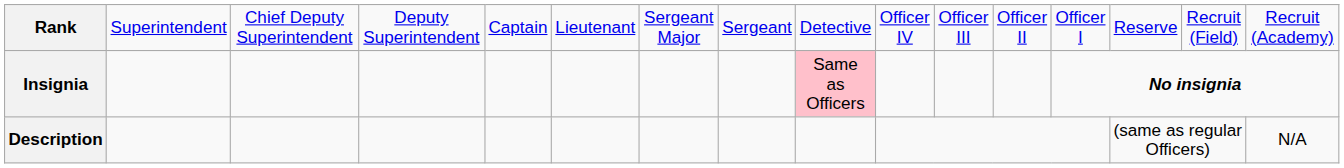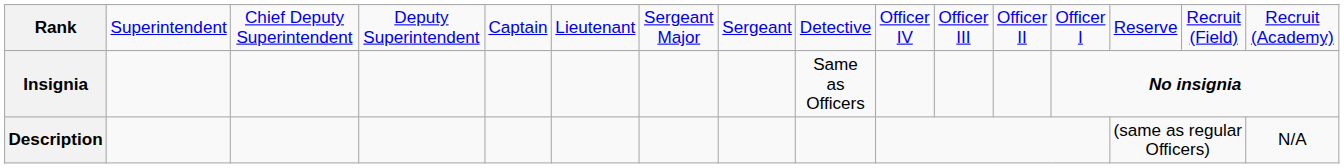 <table class="wikitable">
 <tr style="text-align:center;">
 <th>Rank</th>
 <td><a href='#'>Superintendent</a></td>
 <td><a href='#'>Chief Deputy Superintendent</a></td>
 <td><a href='#'>Deputy Superintendent</a></td>
 <td><a href='#'>Captain</a></td>
 <td><a href='#'>Lieutenant</a></td>
 <td><a href='#'>Sergeant Major</a></td>
 <td><a href='#'>Sergeant</a></td>
 <td><a href='#'>Detective</a></td>
 <td><a href='#'>Officer IV</a></td>
 <td><a href='#'>Officer III</a></td>
 <td><a href='#'>Officer II</a></td>
 <td><a href='#'>Officer I</a></td>
 <td><a href='#'>Reserve</a></td>
 <td><a href='#'>Recruit (Field)</a></td>
 <td><a href='#'>Recruit (Academy)</a></td>
 </tr>
 <tr style="text-align:center;">
 <th>Insignia</th>
 <td></td>
 <td></td>
 <td></td>
 <td></td>
 <td></td>
 <td></td>
 <td></td>
-<td style="background: pink;">Same<br>as Officers</td>
+<td>Same<br>as Officers</td>
 <td></td>
 <td></td>
 <td></td>
 <td colspan=4><strong><em>No insignia</em></strong></td>
 </tr>
 <tr style="text-align:center;">
 <th>Description</th>
 <td></td>
 <td></td>
 <td></td>
 <td></td>
 <td></td>
 <td></td>
 <td></td>
 <td></td>
 <td colspan=4></td>
 <td colspan=2>(same as regular Officers)</td>
 <td colspan=2>N/A</td>
 </tr>
 </table>
